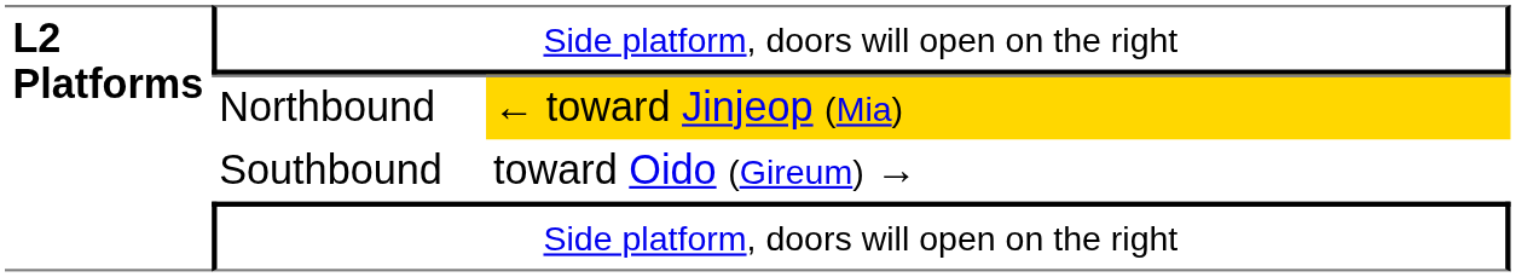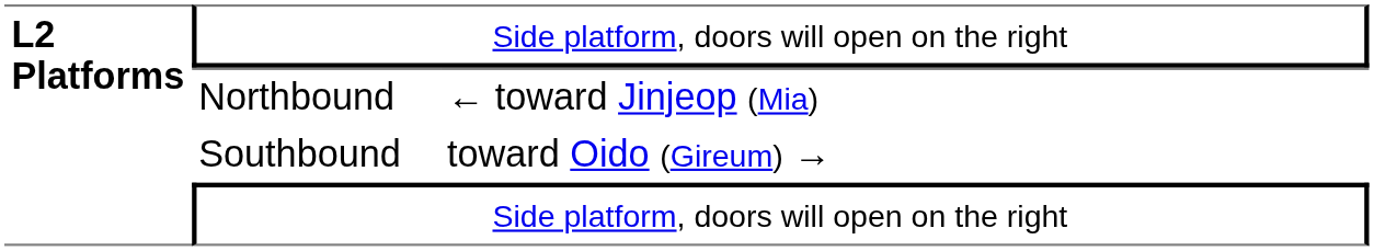 <table table border=0 cellspacing=0 cellpadding=3>
 <tr>
 <td style="border-top:solid 1px gray;border-bottom:solid 1px gray;" width=50 rowspan=10 valign=top><strong>L2<br>Platforms</strong></td>
 <td style="border-top:solid 1px gray;border-right:solid 2px black;border-left:solid 2px black;border-bottom:solid 2px black;text-align:center;" colspan=2><small><a href='#'>Side platform</a>, doors will open on the right</small></td>
 </tr>
 <tr>
 <td style="border-bottom:solid 0px gray;border-top:solid 1px gray;" width=100>Northbound</td>
-<td style="background: gold; border-bottom:solid 0px gray;border-top:solid 1px gray;" width=390>←  toward <a href='#'>Jinjeop</a> <small>(<a href='#'>Mia</a>)</small></td>
+<td style="border-bottom:solid 0px gray;border-top:solid 1px gray;" width=390>←  toward <a href='#'>Jinjeop</a> <small>(<a href='#'>Mia</a>)</small></td>
 </tr>
 <tr>
 <td>Southbound</td>
 <td>  toward <a href='#'>Oido</a> <small>(<a href='#'>Gireum</a>)</small> →</td>
 </tr>
 <tr>
 <td style="border-top:solid 2px black;border-right:solid 2px black;border-left:solid 2px black;border-bottom:solid 1px gray;text-align:center;" colspan=2><small><a href='#'>Side platform</a>, doors will open on the right</small></td>
 </tr>
 </table>
